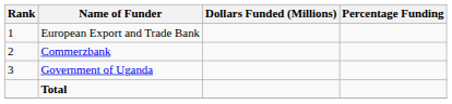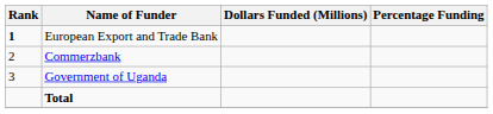 <table class="wikitable sortable" style="margin: 0.5em auto">
 <tr>
 <th>Rank</th>
 <th>Name of Funder</th>
 <th>Dollars Funded (Millions)</th>
 <th>Percentage Funding</th>
 </tr>
 <tr>
-<td>1</td>
+<td><strong>1</strong></td>
 <td>European Export and Trade Bank</td>
 <td></td>
 <td></td>
 </tr>
 <tr>
 <td>2</td>
 <td><a href='#'>Commerzbank</a></td>
 <td></td>
 <td></td>
 </tr>
 <tr>
 <td>3</td>
 <td><a href='#'>Government of Uganda</a></td>
 <td></td>
 <td></td>
 </tr>
 <tr>
 <td></td>
 <td><strong>Total</strong></td>
 <td></td>
 <td></td>
 </tr>
 <tr>
 </tr>
 </table>
